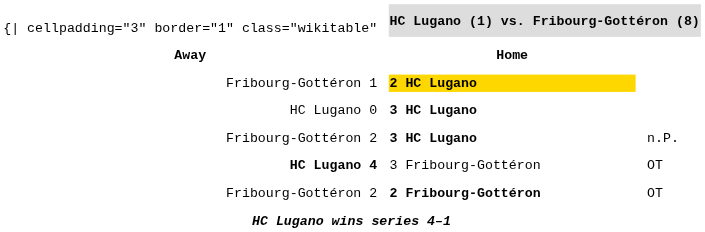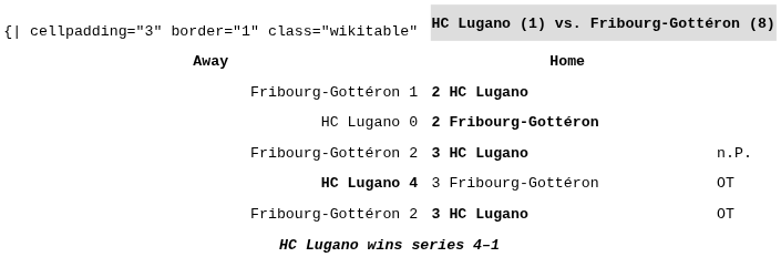 <table cellspacing="10">
 <tr>
 <td valign="top"><br>	{| cellpadding="3" border="1"  class="wikitable"</td>
 <th bgcolor="#DDDDDD" colspan="4">HC Lugano (1) vs. Fribourg-Gottéron (8)</th>
 </tr>
 <tr>
 <th>Away</th>
 <th>Home</th>
 </tr>
 <tr>
 <td align = "right">Fribourg-Gottéron 1</td>
-<td style="background: gold;"><strong>2 HC Lugano</strong></td>
+<td><strong>2 HC Lugano</strong></td>
 <td> </td>
 </tr>
 <tr>
 <td align = "right">HC Lugano 0</td>
-<td><strong>3 HC Lugano</strong></td>
+<td><strong>2 Fribourg-Gottéron</strong></td>
 <td> </td>
 </tr>
 <tr>
 <td align = "right">Fribourg-Gottéron 2</td>
 <td><strong>3 HC Lugano</strong></td>
 <td>n.P.</td>
 </tr>
 <tr>
 <td align = "right"><strong>HC Lugano 4</strong></td>
 <td>3 Fribourg-Gottéron</td>
 <td>OT</td>
 </tr>
 <tr>
 <td align = "right">Fribourg-Gottéron 2</td>
-<td><strong>2 Fribourg-Gottéron</strong></td>
+<td><strong>3 HC Lugano</strong></td>
 <td>OT</td>
 </tr>
 <tr align="center">
 <td colspan="4"><strong><em>HC Lugano wins series 4–1</em></strong></td>
 </tr>
 </table>
